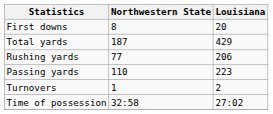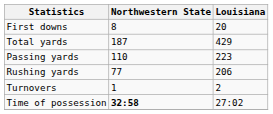 <table class="wikitable">
 <tr>
 <th>Statistics</th>
 <th>Northwestern State</th>
 <th>Louisiana</th>
 </tr>
 <tr>
 <td>First downs</td>
 <td>8</td>
 <td>20</td>
 </tr>
 <tr>
 <td>Total yards</td>
 <td>187</td>
 <td>429</td>
 </tr>
 <tr>
+<td>Passing yards</td>
+<td>110</td>
+<td>223</td>
+</tr>
+<tr>
 <td>Rushing yards</td>
 <td>77</td>
 <td>206</td>
-</tr>
-<tr>
-<td>Passing yards</td>
-<td>110</td>
-<td>223</td>
 </tr>
 <tr>
 <td>Turnovers</td>
 <td>1</td>
 <td>2</td>
 </tr>
 <tr>
 <td>Time of possession</td>
-<td>32:58</td>
+<td><strong>32:58</strong></td>
 <td>27:02</td>
 </tr>
 <tr>
 </tr>
 </table>
